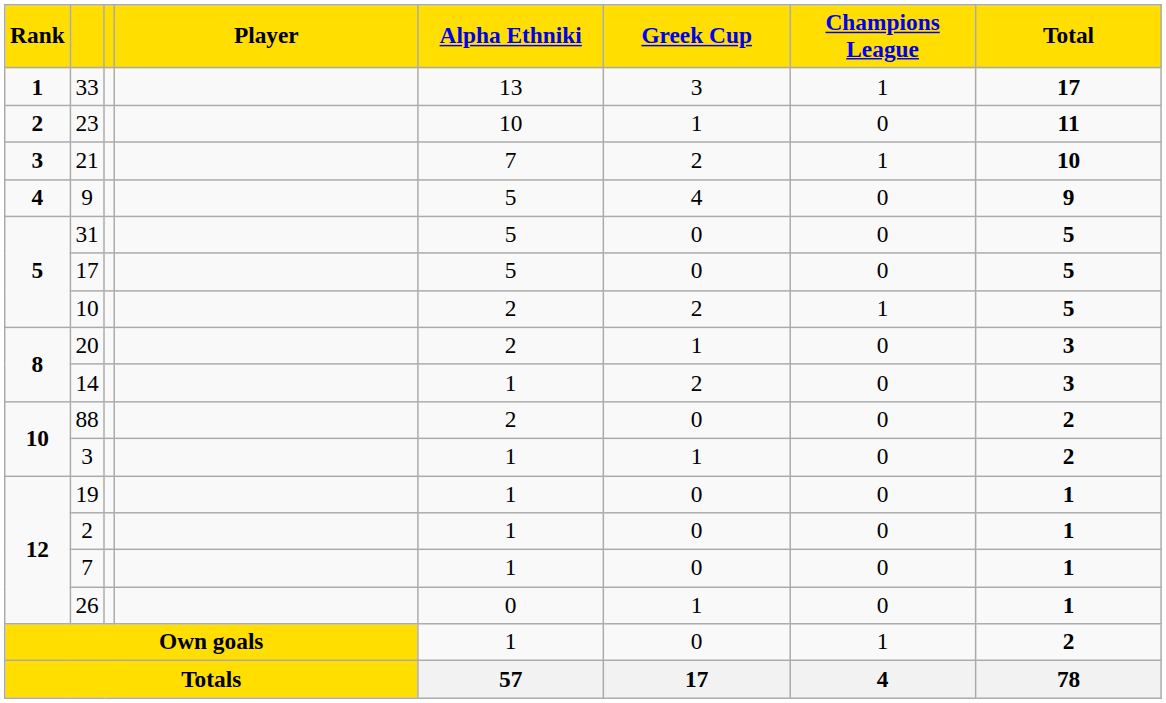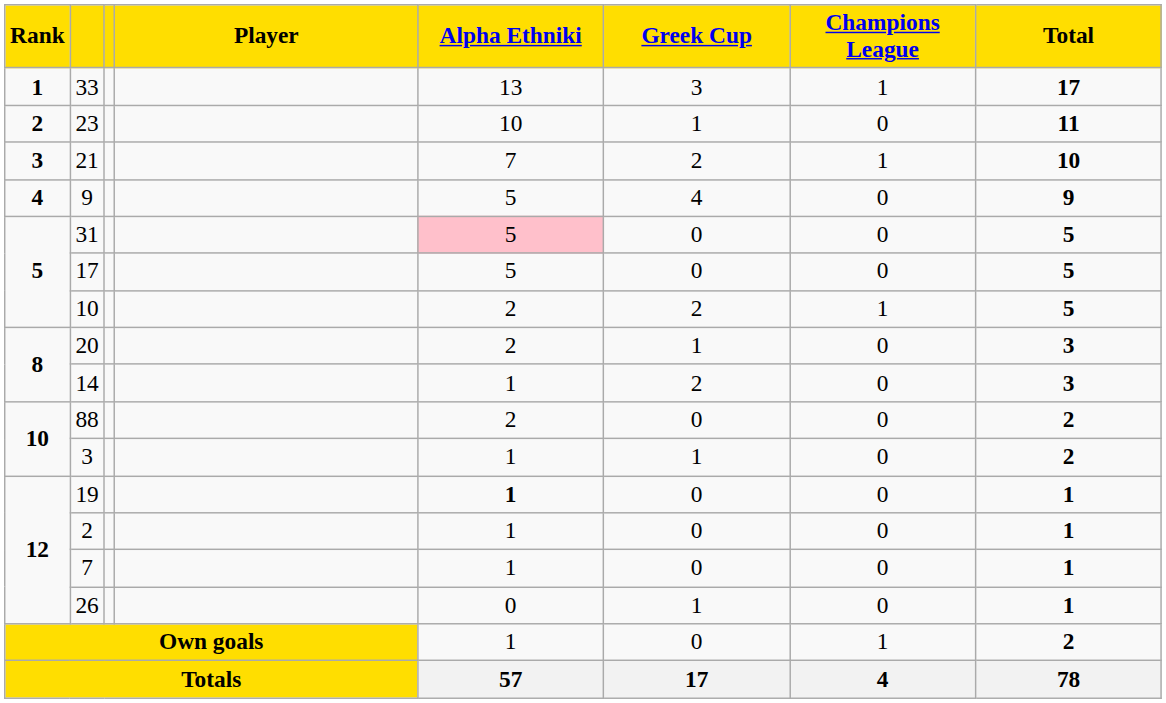 <table class="wikitable sortable" style="text-align: center">
 <tr>
 <th style="background:#FFDE00">Rank</th>
 <th style="background:#FFDE00"></th>
 <th style="background:#FFDE00"></th>
 <th width=200 style="background:#FFDE00">Player</th>
 <th width=120 style="background:#FFDE00"><a href='#'>Alpha Ethniki</a></th>
 <th width=120 style="background:#FFDE00"><a href='#'>Greek Cup</a></th>
 <th width=120 style="background:#FFDE00"><a href='#'>Champions League</a></th>
 <th width=120 style="background:#FFDE00">Total</th>
 </tr>
 <tr>
 <td><strong>1</strong></td>
 <td>33</td>
 <td></td>
 <td align=left></td>
 <td>13</td>
 <td>3</td>
 <td>1</td>
 <td><strong>17</strong></td>
 </tr>
 <tr>
 <td><strong>2</strong></td>
 <td>23</td>
 <td></td>
 <td align=left></td>
 <td>10</td>
 <td>1</td>
 <td>0</td>
 <td><strong>11</strong></td>
 </tr>
 <tr>
 <td><strong>3</strong></td>
 <td>21</td>
 <td></td>
 <td align=left></td>
 <td>7</td>
 <td>2</td>
 <td>1</td>
 <td><strong>10</strong></td>
 </tr>
 <tr>
 <td><strong>4</strong></td>
 <td>9</td>
 <td></td>
 <td align=left></td>
 <td>5</td>
 <td>4</td>
 <td>0</td>
 <td><strong>9</strong></td>
 </tr>
 <tr>
 <td rowspan=3><strong>5</strong></td>
 <td>31</td>
 <td></td>
 <td align=left></td>
-<td>5</td>
+<td style="background: pink;">5</td>
 <td>0</td>
 <td>0</td>
 <td><strong>5</strong></td>
 </tr>
 <tr>
 <td>17</td>
 <td></td>
 <td align=left></td>
 <td>5</td>
 <td>0</td>
 <td>0</td>
 <td><strong>5</strong></td>
 </tr>
 <tr>
 <td>10</td>
 <td></td>
 <td align=left></td>
 <td>2</td>
 <td>2</td>
 <td>1</td>
 <td><strong>5</strong></td>
 </tr>
 <tr>
 <td rowspan=2><strong>8</strong></td>
 <td>20</td>
 <td></td>
 <td align=left></td>
 <td>2</td>
 <td>1</td>
 <td>0</td>
 <td><strong>3</strong></td>
 </tr>
 <tr>
 <td>14</td>
 <td></td>
 <td align=left></td>
 <td>1</td>
 <td>2</td>
 <td>0</td>
 <td><strong>3</strong></td>
 </tr>
 <tr>
 <td rowspan=2><strong>10</strong></td>
 <td>88</td>
 <td></td>
 <td align=left></td>
 <td>2</td>
 <td>0</td>
 <td>0</td>
 <td><strong>2</strong></td>
 </tr>
 <tr>
 <td>3</td>
 <td></td>
 <td align=left></td>
 <td>1</td>
 <td>1</td>
 <td>0</td>
 <td><strong>2</strong></td>
 </tr>
 <tr>
 <td rowspan=4><strong>12</strong></td>
 <td>19</td>
 <td></td>
 <td align=left></td>
-<td>1</td>
+<td><strong>1</strong></td>
 <td>0</td>
 <td>0</td>
 <td><strong>1</strong></td>
 </tr>
 <tr>
 <td>2</td>
 <td></td>
 <td align=left></td>
 <td>1</td>
 <td>0</td>
 <td>0</td>
 <td><strong>1</strong></td>
 </tr>
 <tr>
 <td>7</td>
 <td></td>
 <td align=left></td>
 <td>1</td>
 <td>0</td>
 <td>0</td>
 <td><strong>1</strong></td>
 </tr>
 <tr>
 <td>26</td>
 <td></td>
 <td align=left></td>
 <td>0</td>
 <td>1</td>
 <td>0</td>
 <td><strong>1</strong></td>
 </tr>
 <tr class="sortbottom">
 <td colspan=4 style="background:#FFDE00"><strong>Own goals</strong></td>
 <td>1</td>
 <td>0</td>
 <td>1</td>
 <td><strong>2</strong></td>
 </tr>
 <tr class="sortbottom">
 <th colspan=4 style="background:#FFDE00"><strong>Totals</strong></th>
 <th><strong>57</strong></th>
 <th><strong>17</strong></th>
 <th><strong> 4</strong></th>
 <th><strong>78</strong></th>
 </tr>
 </table>
